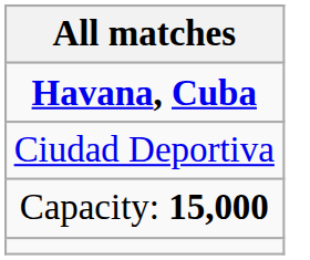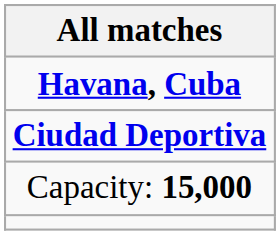 <table class="wikitable" style="text-align:center">
 <tr>
 <th>All matches</th>
 </tr>
 <tr>
 <td><strong><a href='#'>Havana</a>, <a href='#'>Cuba</a></strong></td>
 </tr>
 <tr>
-<td><a href='#'>Ciudad Deportiva</a></td>
+<td><strong><a href='#'>Ciudad Deportiva</a></strong></td>
 </tr>
 <tr>
 <td>Capacity: <strong>15,000</strong></td>
 </tr>
 <tr>
 <td></td>
 </tr>
 </table>
